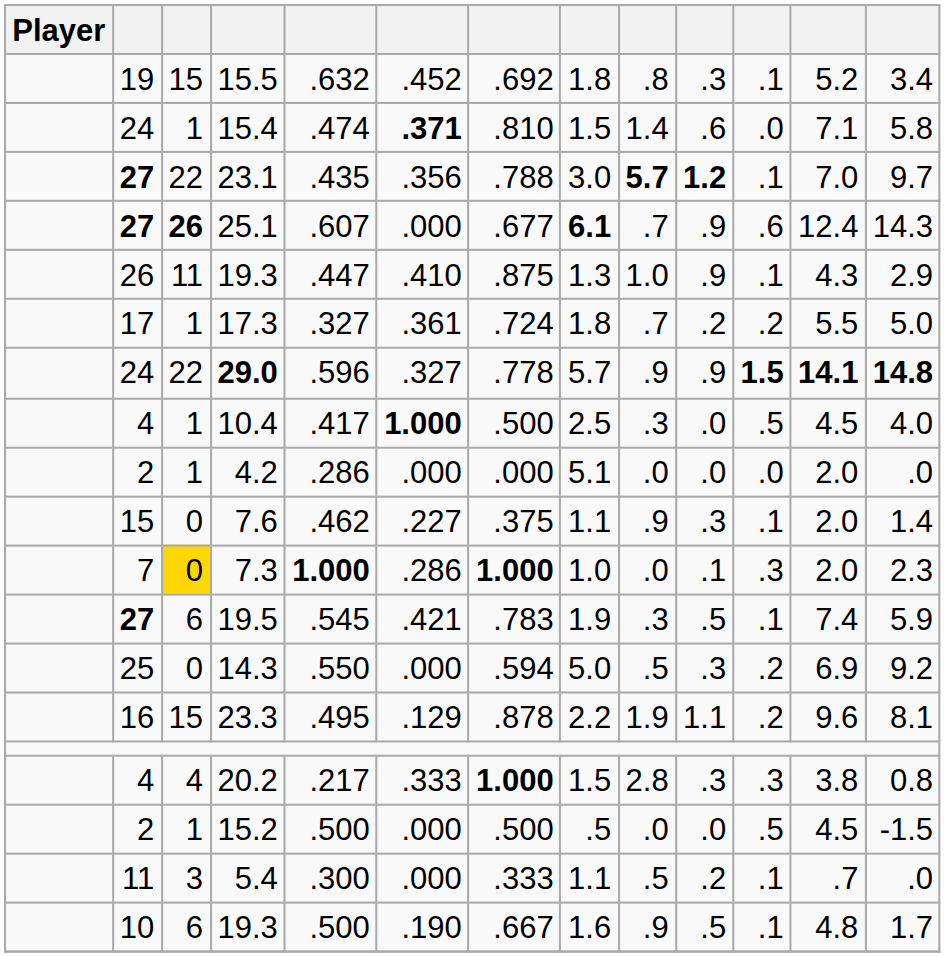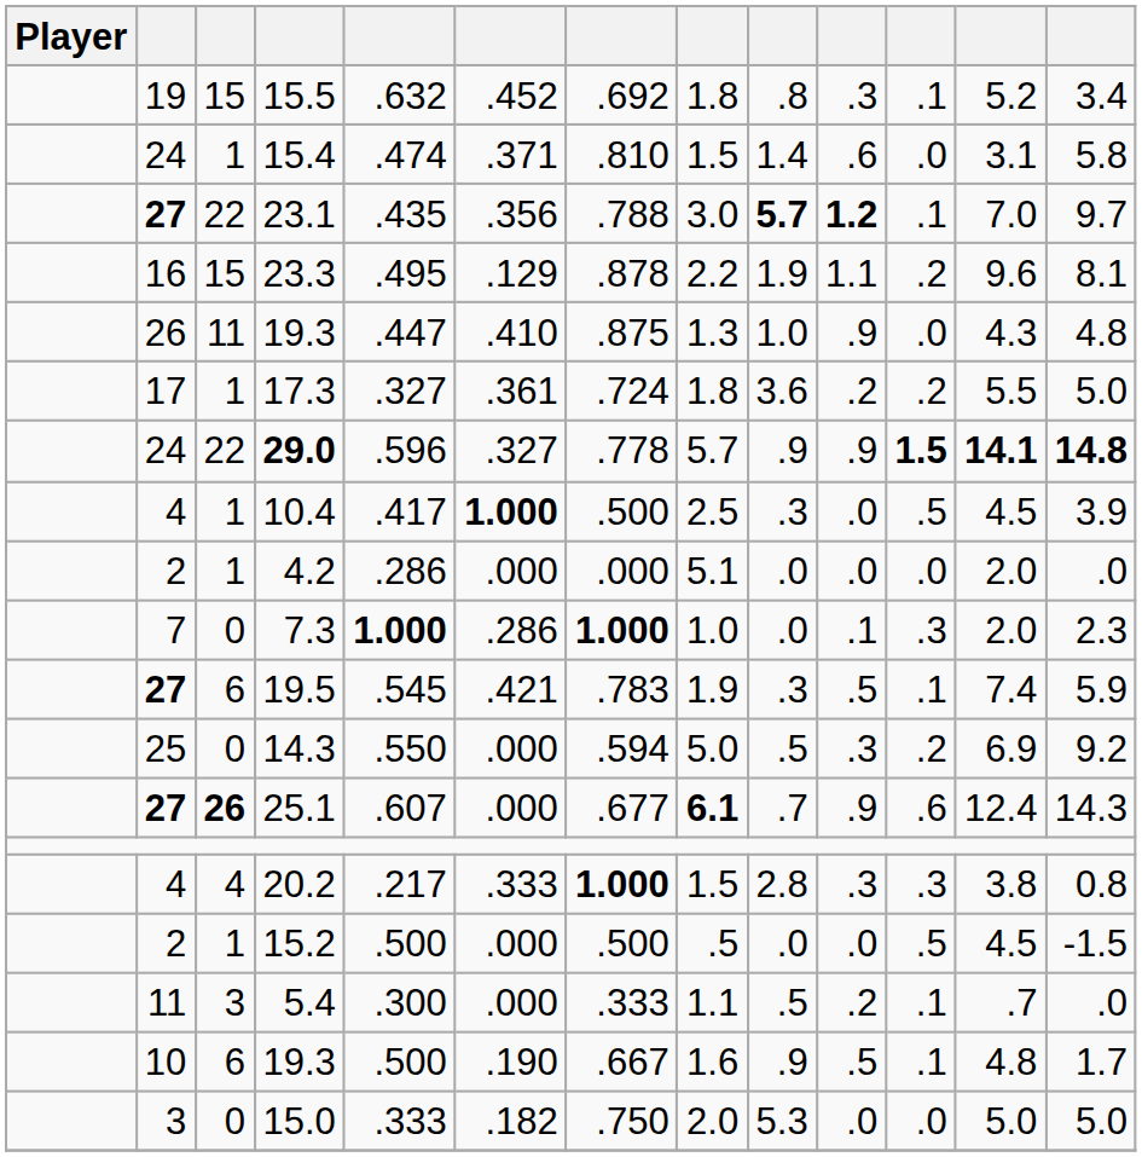 <table class="wikitable sortable" style="font-size:95%; text-align:right;">
 <tr>
 <th>Player</th>
 <th></th>
 <th></th>
 <th></th>
 <th></th>
 <th></th>
 <th></th>
 <th></th>
 <th></th>
 <th></th>
 <th></th>
 <th></th>
 <th></th>
 </tr>
 <tr>
 <td><strong></strong></td>
 <td>19</td>
 <td>15</td>
 <td>15.5</td>
 <td>.632</td>
 <td>.452</td>
 <td>.692</td>
 <td>1.8</td>
 <td>.8</td>
 <td>.3</td>
 <td>.1</td>
 <td>5.2</td>
 <td>3.4</td>
 </tr>
 <tr>
 <td><strong></strong></td>
 <td>24</td>
 <td>1</td>
 <td>15.4</td>
 <td>.474</td>
-<td><strong>.371</strong></td>
+<td>.371</td>
 <td>.810</td>
 <td>1.5</td>
 <td>1.4</td>
 <td>.6</td>
 <td>.0</td>
-<td>7.1</td>
+<td>3.1</td>
 <td>5.8</td>
 </tr>
 <tr>
 <td><strong></strong></td>
 <td><strong>27</strong></td>
 <td>22</td>
 <td>23.1</td>
 <td>.435</td>
 <td>.356</td>
 <td>.788</td>
 <td>3.0</td>
 <td><strong>5.7</strong></td>
 <td><strong>1.2</strong></td>
 <td>.1</td>
 <td>7.0</td>
 <td>9.7</td>
 </tr>
 <tr>
 <td><strong></strong></td>
-<td><strong>27</strong></td>
-<td><strong>26</strong></td>
-<td>25.1</td>
-<td>.607</td>
-<td>.000</td>
-<td>.677</td>
-<td><strong>6.1</strong></td>
-<td>.7</td>
-<td>.9</td>
-<td>.6</td>
-<td>12.4</td>
-<td>14.3</td>
+<td>16</td>
+<td>15</td>
+<td>23.3</td>
+<td>.495</td>
+<td>.129</td>
+<td>.878</td>
+<td>2.2</td>
+<td>1.9</td>
+<td>1.1</td>
+<td>.2</td>
+<td>9.6</td>
+<td>8.1</td>
 </tr>
 <tr>
 <td><strong></strong></td>
 <td>26</td>
 <td>11</td>
 <td>19.3</td>
 <td>.447</td>
 <td>.410</td>
 <td>.875</td>
 <td>1.3</td>
 <td>1.0</td>
 <td>.9</td>
-<td>.1</td>
+<td>.0</td>
 <td>4.3</td>
-<td>2.9</td>
+<td>4.8</td>
 </tr>
 <tr>
 <td><strong></strong></td>
 <td>17</td>
 <td>1</td>
 <td>17.3</td>
 <td>.327</td>
 <td>.361</td>
 <td>.724</td>
 <td>1.8</td>
-<td>.7</td>
+<td>3.6</td>
 <td>.2</td>
 <td>.2</td>
 <td>5.5</td>
 <td>5.0</td>
 </tr>
 <tr>
 <td><strong></strong></td>
 <td>24</td>
 <td>22</td>
 <td><strong>29.0</strong></td>
 <td>.596</td>
 <td>.327</td>
 <td>.778</td>
 <td>5.7</td>
 <td>.9</td>
 <td>.9</td>
 <td><strong>1.5</strong></td>
 <td><strong>14.1</strong></td>
 <td><strong>14.8</strong></td>
 </tr>
 <tr>
 <td><strong></strong></td>
 <td>4</td>
 <td>1</td>
 <td>10.4</td>
 <td>.417</td>
 <td><strong>1.000</strong></td>
 <td>.500</td>
 <td>2.5</td>
 <td>.3</td>
 <td>.0</td>
 <td>.5</td>
 <td>4.5</td>
-<td>4.0</td>
+<td>3.9</td>
 </tr>
 <tr>
 <td><strong></strong></td>
 <td>2</td>
 <td>1</td>
 <td>4.2</td>
 <td>.286</td>
 <td>.000</td>
 <td>.000</td>
 <td>5.1</td>
 <td>.0</td>
 <td>.0</td>
 <td>.0</td>
 <td>2.0</td>
 <td>.0</td>
 </tr>
 <tr>
 <td><strong></strong></td>
-<td>15</td>
+<td>7</td>
 <td>0</td>
-<td>7.6</td>
-<td>.462</td>
-<td>.227</td>
-<td>.375</td>
-<td>1.1</td>
-<td>.9</td>
-<td>.3</td>
-<td>.1</td>
-<td>2.0</td>
-<td>1.4</td>
-</tr>
-<tr>
-<td><strong></strong></td>
-<td>7</td>
-<td style="background: gold;">0</td>
 <td>7.3</td>
 <td><strong>1.000</strong></td>
 <td>.286</td>
 <td><strong>1.000</strong></td>
 <td>1.0</td>
 <td>.0</td>
 <td>.1</td>
 <td>.3</td>
 <td>2.0</td>
 <td>2.3</td>
 </tr>
 <tr>
 <td><strong></strong></td>
 <td><strong>27</strong></td>
 <td>6</td>
 <td>19.5</td>
 <td>.545</td>
 <td>.421</td>
 <td>.783</td>
 <td>1.9</td>
 <td>.3</td>
 <td>.5</td>
 <td>.1</td>
 <td>7.4</td>
 <td>5.9</td>
 </tr>
 <tr>
 <td><strong></strong></td>
 <td>25</td>
 <td>0</td>
 <td>14.3</td>
 <td>.550</td>
 <td>.000</td>
 <td>.594</td>
 <td>5.0</td>
 <td>.5</td>
 <td>.3</td>
 <td>.2</td>
 <td>6.9</td>
 <td>9.2</td>
 </tr>
 <tr>
 <td><strong></strong></td>
-<td>16</td>
-<td>15</td>
-<td>23.3</td>
-<td>.495</td>
-<td>.129</td>
-<td>.878</td>
-<td>2.2</td>
-<td>1.9</td>
-<td>1.1</td>
-<td>.2</td>
-<td>9.6</td>
-<td>8.1</td>
+<td><strong>27</strong></td>
+<td><strong>26</strong></td>
+<td>25.1</td>
+<td>.607</td>
+<td>.000</td>
+<td>.677</td>
+<td><strong>6.1</strong></td>
+<td>.7</td>
+<td>.9</td>
+<td>.6</td>
+<td>12.4</td>
+<td>14.3</td>
 </tr>
 <tr>
 <td colspan=13></td>
 </tr>
 <tr>
 <td><em></em></td>
 <td>4</td>
 <td>4</td>
 <td>20.2</td>
 <td>.217</td>
 <td>.333</td>
 <td><strong>1.000</strong></td>
 <td>1.5</td>
 <td>2.8</td>
 <td>.3</td>
 <td>.3</td>
 <td>3.8</td>
 <td>0.8</td>
 </tr>
 <tr>
 <td><em></em></td>
 <td>2</td>
 <td>1</td>
 <td>15.2</td>
 <td>.500</td>
 <td>.000</td>
 <td>.500</td>
 <td>.5</td>
 <td>.0</td>
 <td>.0</td>
 <td>.5</td>
 <td>4.5</td>
 <td>-1.5</td>
 </tr>
 <tr>
 <td><em></em></td>
 <td>11</td>
 <td>3</td>
 <td>5.4</td>
 <td>.300</td>
 <td>.000</td>
 <td>.333</td>
 <td>1.1</td>
 <td>.5</td>
 <td>.2</td>
 <td>.1</td>
 <td>.7</td>
 <td>.0</td>
 </tr>
 <tr>
 <td><em></em></td>
 <td>10</td>
 <td>6</td>
 <td>19.3</td>
 <td>.500</td>
 <td>.190</td>
 <td>.667</td>
 <td>1.6</td>
 <td>.9</td>
 <td>.5</td>
 <td>.1</td>
 <td>4.8</td>
 <td>1.7</td>
 </tr>
 <tr>
+<td><em></em></td>
+<td>3</td>
+<td>0</td>
+<td>15.0</td>
+<td>.333</td>
+<td>.182</td>
+<td>.750</td>
+<td>2.0</td>
+<td>5.3</td>
+<td>.0</td>
+<td>.0</td>
+<td>5.0</td>
+<td>5.0</td>
+</tr>
+<tr>
 </tr>
 </table>
